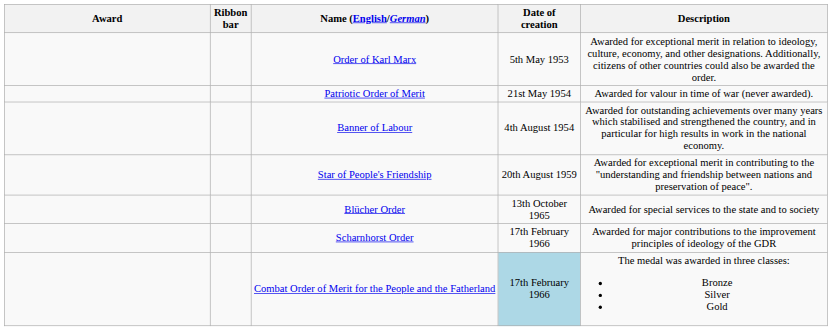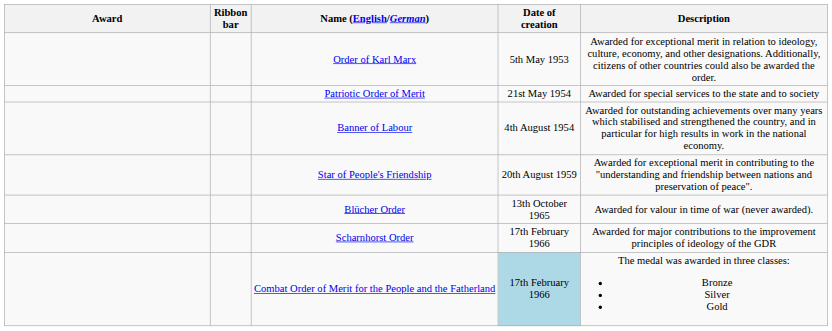 <table class="wikitable sortable" style="text-align:center">
 <tr>
 <th style="width:25%">Award</th>
 <th style="width:5%">Ribbon<br>bar</th>
 <th style="width:30%">Name (<a href='#'>English</a>/<em><a href='#'>German</a></em>)</th>
 <th style="width:10%">Date of<br>creation</th>
 <th style="width:30%">Description</th>
 </tr>
 <tr>
 <td></td>
 <td></td>
 <td><a href='#'>Order of Karl Marx</a><br></td>
 <td>5th May 1953</td>
 <td>Awarded for exceptional merit in relation to ideology, culture, economy, and other designations. Additionally, citizens of other countries could also be awarded the order.</td>
 </tr>
 <tr>
 <td></td>
 <td><br>    </td>
 <td><a href='#'>Patriotic Order of Merit</a><br></td>
 <td>21st May 1954</td>
-<td>Awarded for valour in time of war (never awarded).</td>
+<td>Awarded for special services to the state and to society</td>
 </tr>
 <tr>
 <td></td>
 <td><br>    </td>
 <td><a href='#'>Banner of Labour</a><br></td>
 <td>4th August 1954</td>
 <td>Awarded for outstanding achievements over many years which stabilised and strengthened the country, and in particular for high results in work in the national economy.</td>
 </tr>
 <tr>
 <td></td>
 <td></td>
 <td><a href='#'>Star of People's Friendship</a><br></td>
 <td>20th August 1959</td>
 <td>Awarded for exceptional merit in contributing to the "understanding and friendship between nations and preservation of peace".</td>
 </tr>
 <tr>
 <td></td>
 <td> <br></td>
 <td><a href='#'>Blücher Order</a><br></td>
 <td>13th October 1965</td>
-<td>Awarded for special services to the state and to society</td>
+<td>Awarded for valour in time of war (never awarded).</td>
 </tr>
 <tr>
 <td></td>
 <td></td>
 <td><a href='#'>Scharnhorst Order</a><br></td>
 <td>17th February 1966</td>
 <td>Awarded for major contributions to the improvement principles of ideology of the GDR</td>
 </tr>
 <tr>
 <td></td>
 <td><br><br> <br> <br></td>
 <td><a href='#'>Combat Order of Merit for the People and the Fatherland</a><br></td>
 <td style="background: lightblue;">17th February 1966</td>
 <td>The medal was awarded in three classes:<br><ul><li>Bronze</li><li>Silver</li><li>Gold</li></ul></td>
 </tr>
 </table>
